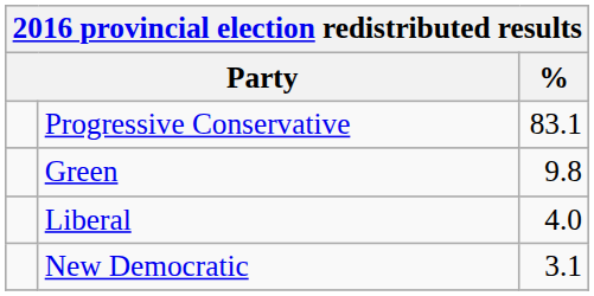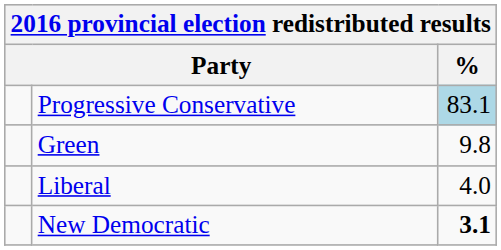 <table class="wikitable">
 <tr>
 <th colspan="4"><a href='#'>2016 provincial election</a> redistributed results</th>
 </tr>
 <tr>
 <th bgcolor="#DDDDFF" width="130px" colspan="2">Party</th>
 <th bgcolor="#DDDDFF" width="30px">%</th>
 </tr>
 <tr>
 <td> </td>
 <td><a href='#'>Progressive Conservative</a></td>
-<td align=right>83.1</td>
+<td align=right style="background: lightblue;">83.1</td>
 </tr>
 <tr>
 <td> </td>
 <td><a href='#'>Green</a></td>
 <td align=right>9.8</td>
 </tr>
 <tr>
 <td> </td>
 <td><a href='#'>Liberal</a></td>
 <td align=right>4.0</td>
 </tr>
 <tr>
 <td> </td>
 <td><a href='#'>New Democratic</a></td>
-<td align=right>3.1</td>
+<td align=right><strong>3.1</strong></td>
 </tr>
 </table>
